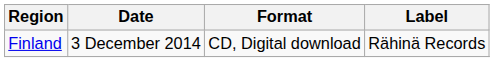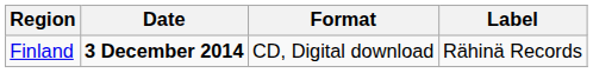 <table class=wikitable>
 <tr>
 <th>Region</th>
 <th>Date</th>
 <th>Format</th>
 <th>Label</th>
 </tr>
 <tr>
 <td><a href='#'>Finland</a></td>
-<td>3 December 2014</td>
+<td><strong>3 December 2014</strong></td>
 <td>CD, Digital download</td>
 <td>Rähinä Records</td>
 </tr>
 <tr>
 </tr>
 </table>
